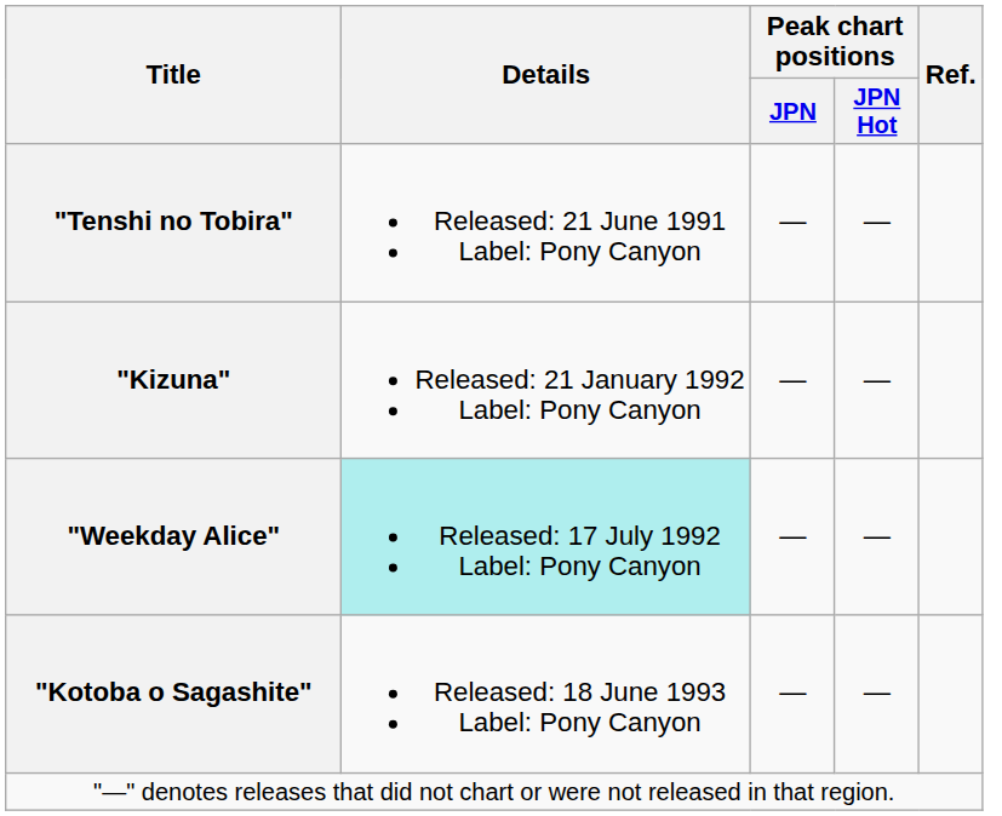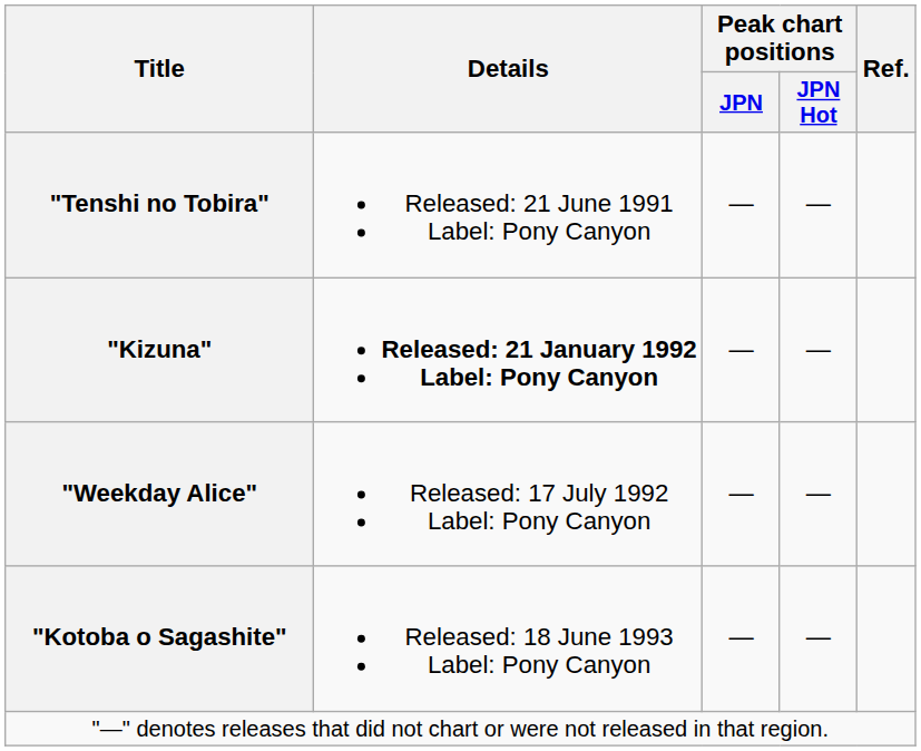 <table class="wikitable plainrowheaders" style="text-align:center;">
 <tr>
 <th scope="col" rowspan="2" style="width:12em;">Title</th>
 <th scope="col" rowspan="2">Details</th>
 <th scope="col" colspan="2">Peak chart positions</th>
 <th scope="col" rowspan="2">Ref.</th>
 </tr>
 <tr>
 <th scope="col" style="width:3em;font-size:90%;"><a href='#'>JPN</a></th>
 <th scope="col" style="width:3em;font-size:90%;"><a href='#'>JPN<br>Hot</a></th>
 </tr>
 <tr>
 <th scope="row">"Tenshi no Tobira"</th>
 <td><br><ul><li>Released: 21 June 1991</li><li>Label: Pony Canyon</li></ul></td>
 <td>—</td>
 <td>—</td>
 <td></td>
 </tr>
 <tr>
 <th scope="row">"Kizuna"</th>
-<td><br><ul><li>Released: 21 January 1992</li><li>Label: Pony Canyon</li></ul></td>
+<td><strong><br><ul><li>Released: 21 January 1992</li><li>Label: Pony Canyon</li></ul></strong></td>
 <td>—</td>
 <td>—</td>
 <td></td>
 </tr>
 <tr>
 <th scope="row">"Weekday Alice"</th>
-<td style="background: paleturquoise;"><br><ul><li>Released: 17 July 1992</li><li>Label: Pony Canyon</li></ul></td>
+<td><br><ul><li>Released: 17 July 1992</li><li>Label: Pony Canyon</li></ul></td>
 <td>—</td>
 <td>—</td>
 <td></td>
 </tr>
 <tr>
 <th scope="row">"Kotoba o Sagashite"</th>
 <td><br><ul><li>Released: 18 June 1993</li><li>Label: Pony Canyon</li></ul></td>
 <td>—</td>
 <td>—</td>
 <td></td>
 </tr>
 <tr>
 <td colspan="6" style="font-size:90%;">"—" denotes releases that did not chart or were not released in that region.</td>
 </tr>
 </table>
